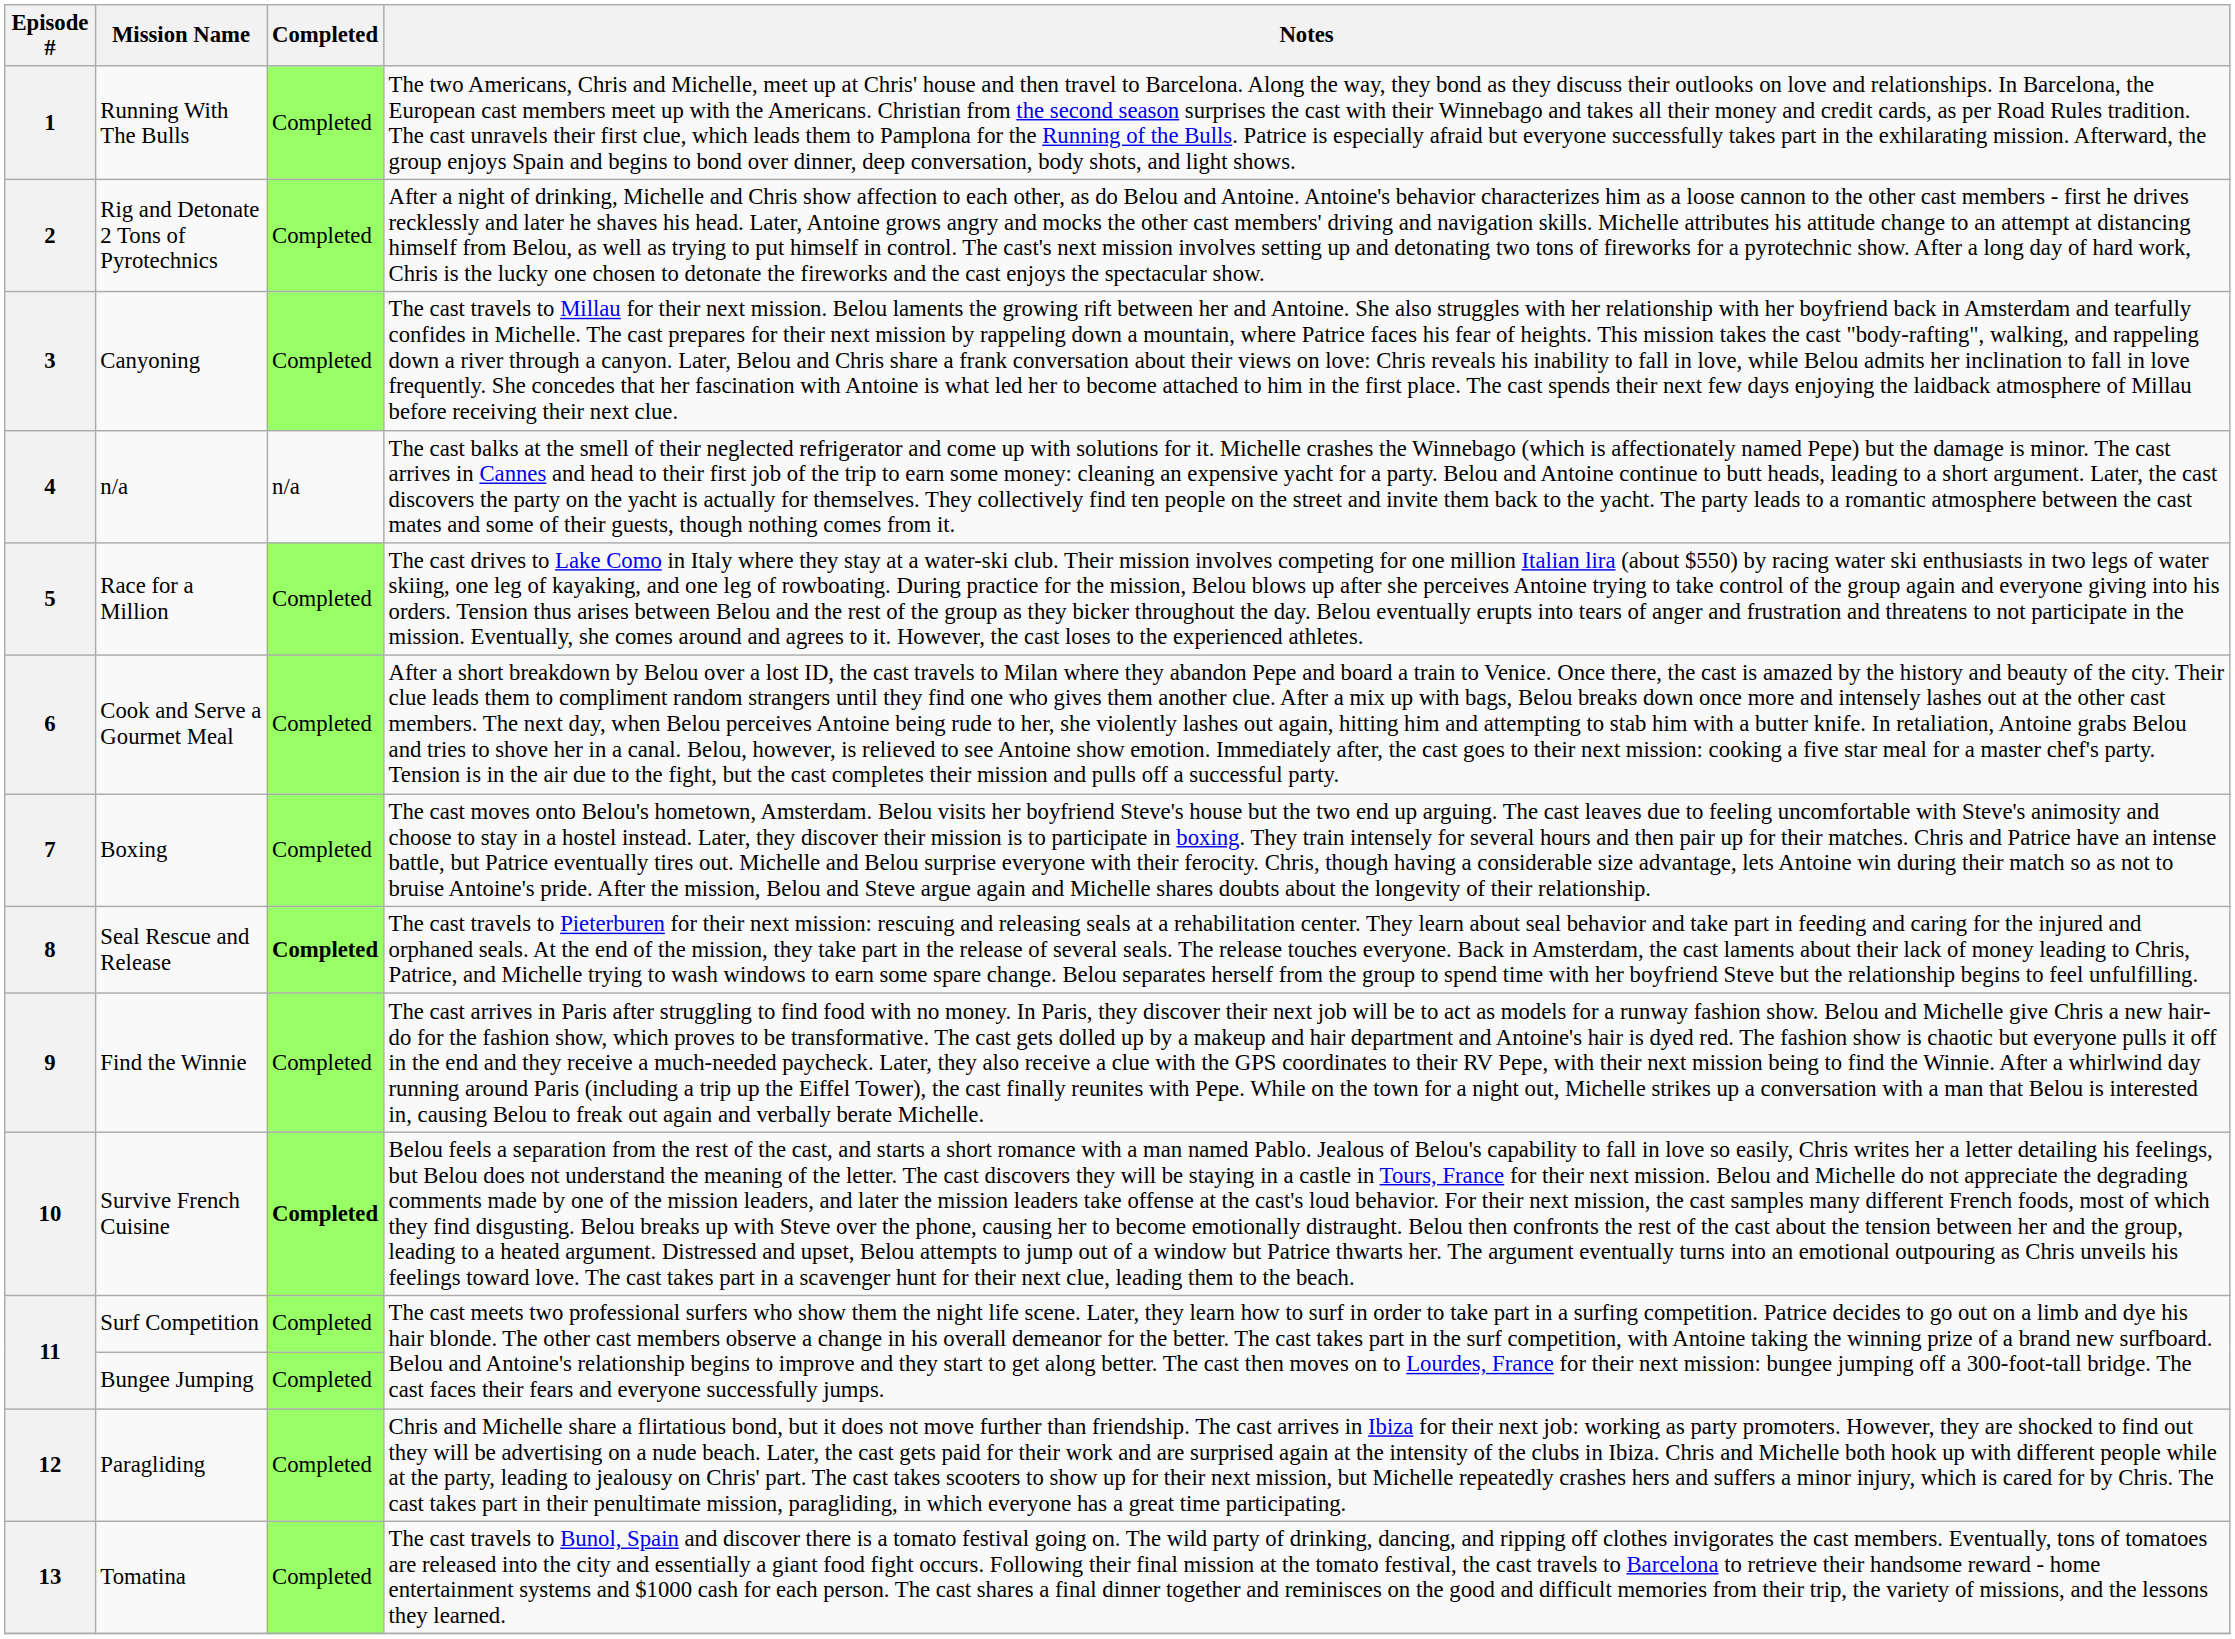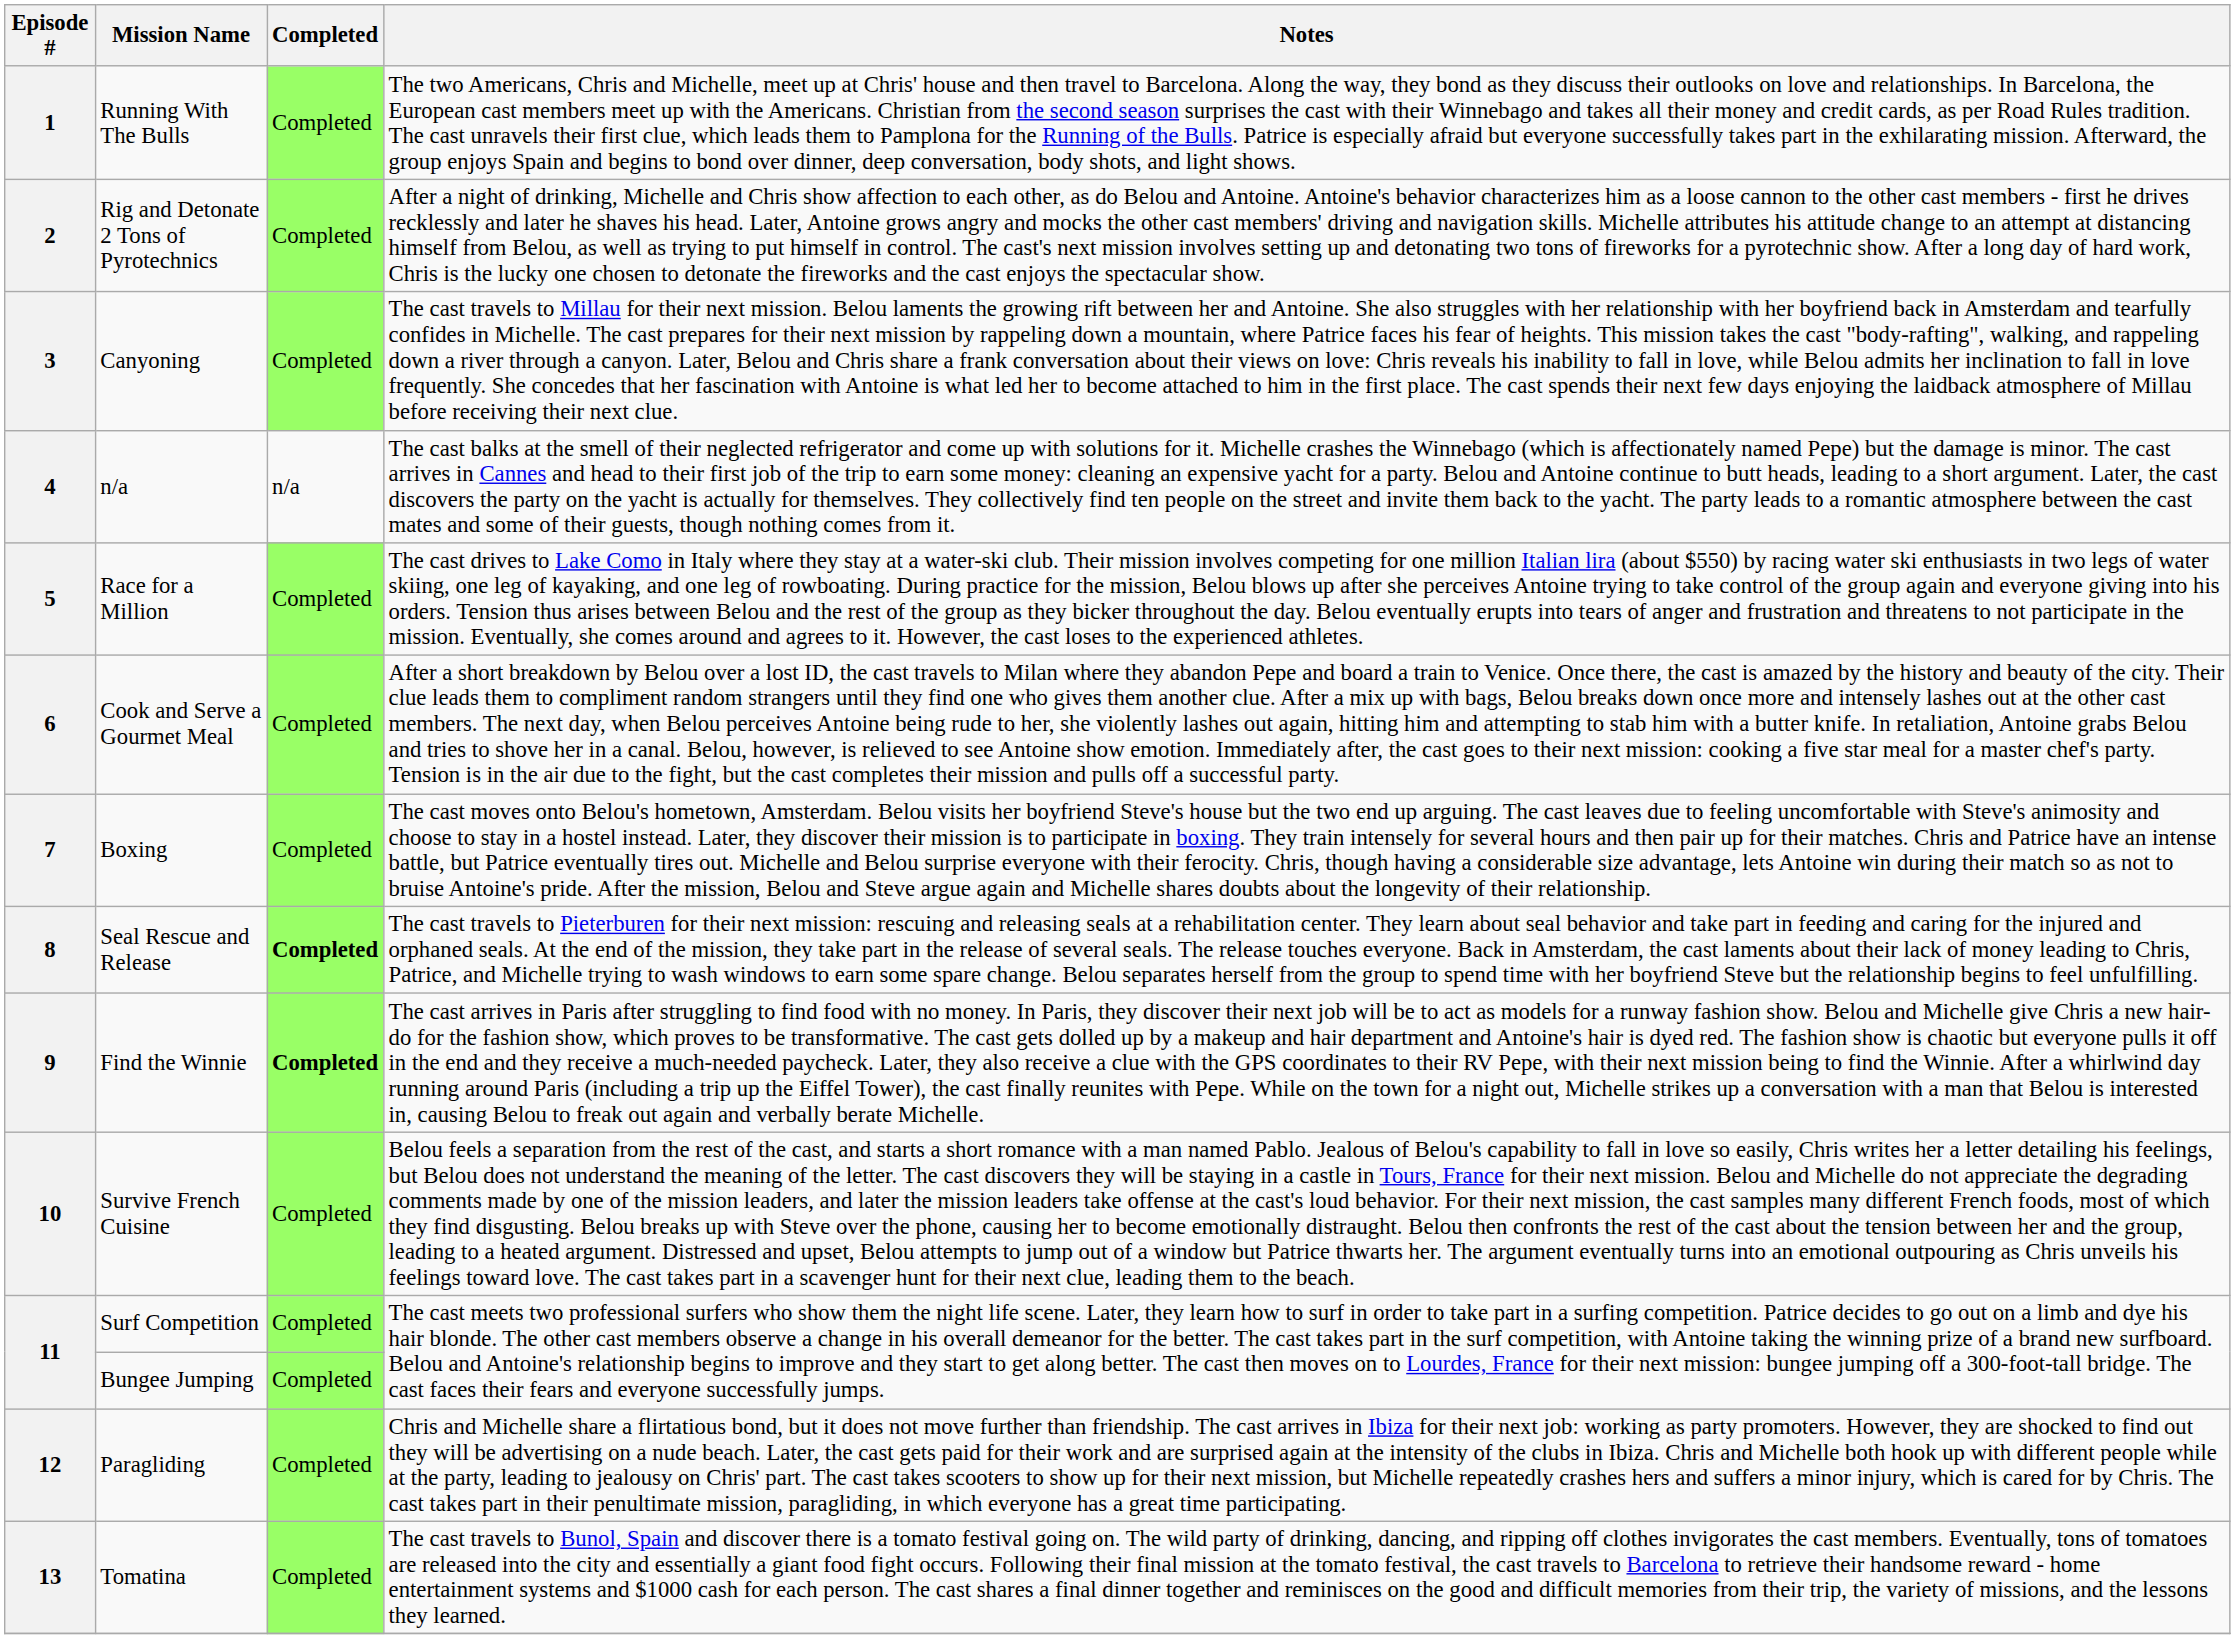 <table class="wikitable">
 <tr>
 <th>Episode #</th>
 <th>Mission Name</th>
 <th>Completed</th>
 <th>Notes</th>
 </tr>
 <tr>
 <th>1</th>
 <td>Running With The Bulls</td>
 <td bgcolor="#99FF66">Completed</td>
 <td>The two Americans, Chris and Michelle, meet up at Chris' house and then travel to Barcelona. Along the way, they bond as they discuss their outlooks on love and relationships. In Barcelona, the European cast members meet up with the Americans. Christian from <a href='#'>the second season</a> surprises the cast with their Winnebago and takes all their money and credit cards, as per Road Rules tradition. The cast unravels their first clue, which leads them to Pamplona for the <a href='#'>Running of the Bulls</a>. Patrice is especially afraid but everyone successfully takes part in the exhilarating mission. Afterward, the group enjoys Spain and begins to bond over dinner, deep conversation, body shots, and light shows.</td>
 </tr>
 <tr>
 <th>2</th>
 <td>Rig and Detonate 2 Tons of Pyrotechnics</td>
 <td bgcolor="#99FF66">Completed</td>
 <td>After a night of drinking, Michelle and Chris show affection to each other, as do Belou and Antoine. Antoine's behavior characterizes him as a loose cannon to the other cast members - first he drives recklessly and later he shaves his head. Later, Antoine grows angry and mocks the other cast members' driving and navigation skills. Michelle attributes his attitude change to an attempt at distancing himself from Belou, as well as trying to put himself in control. The cast's next mission involves setting up and detonating two tons of fireworks for a pyrotechnic show. After a long day of hard work, Chris is the lucky one chosen to detonate the fireworks and the cast enjoys the spectacular show.</td>
 </tr>
 <tr>
 <th>3</th>
 <td>Canyoning</td>
 <td bgcolor="#99FF66">Completed</td>
 <td>The cast travels to <a href='#'>Millau</a> for their next mission. Belou laments the growing rift between her and Antoine. She also struggles with her relationship with her boyfriend back in Amsterdam and tearfully confides in Michelle. The cast prepares for their next mission by rappeling down a mountain, where Patrice faces his fear of heights. This mission takes the cast "body-rafting", walking, and rappeling down a river through a canyon. Later, Belou and Chris share a frank conversation about their views on love: Chris reveals his inability to fall in love, while Belou admits her inclination to fall in love frequently. She concedes that her fascination with Antoine is what led her to become attached to him in the first place. The cast spends their next few days enjoying the laidback atmosphere of Millau before receiving their next clue.</td>
 </tr>
 <tr>
 <th>4</th>
 <td>n/a</td>
 <td>n/a</td>
 <td>The cast balks at the smell of their neglected refrigerator and come up with solutions for it. Michelle crashes the Winnebago (which is affectionately named Pepe) but the damage is minor. The cast arrives in <a href='#'>Cannes</a> and head to their first job of the trip to earn some money: cleaning an expensive yacht for a party. Belou and Antoine continue to butt heads, leading to a short argument. Later, the cast discovers the party on the yacht is actually for themselves. They collectively find ten people on the street and invite them back to the yacht. The party leads to a romantic atmosphere between the cast mates and some of their guests, though nothing comes from it.</td>
 </tr>
 <tr>
 <th>5</th>
 <td>Race for a Million</td>
 <td bgcolor="#99FF66">Completed</td>
 <td>The cast drives to <a href='#'>Lake Como</a> in Italy where they stay at a water-ski club. Their mission involves competing for one million <a href='#'>Italian lira</a> (about $550) by racing water ski enthusiasts in two legs of water skiing, one leg of kayaking, and one leg of rowboating. During practice for the mission, Belou blows up after she perceives Antoine trying to take control of the group again and everyone giving into his orders. Tension thus arises between Belou and the rest of the group as they bicker throughout the day. Belou eventually erupts into tears of anger and frustration and threatens to not participate in the mission. Eventually, she comes around and agrees to it. However, the cast loses to the experienced athletes.</td>
 </tr>
 <tr>
 <th>6</th>
 <td>Cook and Serve a Gourmet Meal</td>
 <td bgcolor="#99FF66">Completed</td>
 <td>After a short breakdown by Belou over a lost ID, the cast travels to Milan where they abandon Pepe and board a train to Venice. Once there, the cast is amazed by the history and beauty of the city. Their clue leads them to compliment random strangers until they find one who gives them another clue. After a mix up with bags, Belou breaks down once more and intensely lashes out at the other cast members. The next day, when Belou perceives Antoine being rude to her, she violently lashes out again, hitting him and attempting to stab him with a butter knife. In retaliation, Antoine grabs Belou and tries to shove her in a canal. Belou, however, is relieved to see Antoine show emotion. Immediately after, the cast goes to their next mission: cooking a five star meal for a master chef's party. Tension is in the air due to the fight, but the cast completes their mission and pulls off a successful party.</td>
 </tr>
 <tr>
 <th>7</th>
 <td>Boxing</td>
 <td bgcolor="#99FF66">Completed</td>
 <td>The cast moves onto Belou's hometown, Amsterdam. Belou visits her boyfriend Steve's house but the two end up arguing. The cast leaves due to feeling uncomfortable with Steve's animosity and choose to stay in a hostel instead. Later, they discover their mission is to participate in <a href='#'>boxing</a>. They train intensely for several hours and then pair up for their matches. Chris and Patrice have an intense battle, but Patrice eventually tires out. Michelle and Belou surprise everyone with their ferocity. Chris, though having a considerable size advantage, lets Antoine win during their match so as not to bruise Antoine's pride. After the mission, Belou and Steve argue again and Michelle shares doubts about the longevity of their relationship.</td>
 </tr>
 <tr>
 <th>8</th>
 <td>Seal Rescue and Release</td>
 <td bgcolor="#99FF66"><strong>Completed</strong></td>
 <td>The cast travels to <a href='#'>Pieterburen</a> for their next mission: rescuing and releasing seals at a rehabilitation center. They learn about seal behavior and take part in feeding and caring for the injured and orphaned seals. At the end of the mission, they take part in the release of several seals. The release touches everyone. Back in Amsterdam, the cast laments about their lack of money leading to Chris, Patrice, and Michelle trying to wash windows to earn some spare change. Belou separates herself from the group to spend time with her boyfriend Steve but the relationship begins to feel unfulfilling.</td>
 </tr>
 <tr>
 <th>9</th>
 <td>Find the Winnie</td>
-<td bgcolor="#99FF66">Completed</td>
+<td bgcolor="#99FF66"><strong>Completed</strong></td>
 <td>The cast arrives in Paris after struggling to find food with no money. In Paris, they discover their next job will be to act as models for a runway fashion show. Belou and Michelle give Chris a new hair-do for the fashion show, which proves to be transformative. The cast gets dolled up by a makeup and hair department and Antoine's hair is dyed red. The fashion show is chaotic but everyone pulls it off in the end and they receive a much-needed paycheck. Later, they also receive a clue with the GPS coordinates to their RV Pepe, with their next mission being to find the Winnie. After a whirlwind day running around Paris (including a trip up the Eiffel Tower), the cast finally reunites with Pepe. While on the town for a night out, Michelle strikes up a conversation with a man that Belou is interested in, causing Belou to freak out again and verbally berate Michelle.</td>
 </tr>
 <tr>
 <th>10</th>
 <td>Survive French Cuisine</td>
-<td bgcolor="#99FF66"><strong>Completed</strong></td>
+<td bgcolor="#99FF66">Completed</td>
 <td>Belou feels a separation from the rest of the cast, and starts a short romance with a man named Pablo. Jealous of Belou's capability to fall in love so easily, Chris writes her a letter detailing his feelings, but Belou does not understand the meaning of the letter. The cast discovers they will be staying in a castle in <a href='#'>Tours, France</a> for their next mission. Belou and Michelle do not appreciate the degrading comments made by one of the mission leaders, and later the mission leaders take offense at the cast's loud behavior. For their next mission, the cast samples many different French foods, most of which they find disgusting. Belou breaks up with Steve over the phone, causing her to become emotionally distraught. Belou then confronts the rest of the cast about the tension between her and the group, leading to a heated argument. Distressed and upset, Belou attempts to jump out of a window but Patrice thwarts her. The argument eventually turns into an emotional outpouring as Chris unveils his feelings toward love. The cast takes part in a scavenger hunt for their next clue, leading them to the beach.</td>
 </tr>
 <tr>
 <th rowspan="2">11</th>
 <td>Surf Competition</td>
 <td bgcolor="#99FF66">Completed</td>
 <td rowspan="2">The cast meets two professional surfers who show them the night life scene. Later, they learn how to surf in order to take part in a surfing competition. Patrice decides to go out on a limb and dye his hair blonde. The other cast members observe a change in his overall demeanor for the better. The cast takes part in the surf competition, with Antoine taking the winning prize of a brand new surfboard. Belou and Antoine's relationship begins to improve and they start to get along better. The cast then moves on to <a href='#'>Lourdes, France</a> for their next mission: bungee jumping off a 300-foot-tall bridge. The cast faces their fears and everyone successfully jumps.</td>
 </tr>
 <tr>
 <td>Bungee Jumping</td>
 <td bgcolor="#99FF66">Completed</td>
 </tr>
 <tr>
 <th>12</th>
 <td>Paragliding</td>
 <td bgcolor="#99FF66">Completed</td>
 <td>Chris and Michelle share a flirtatious bond, but it does not move further than friendship. The cast arrives in <a href='#'>Ibiza</a> for their next job: working as party promoters. However, they are shocked to find out they will be advertising on a nude beach. Later, the cast gets paid for their work and are surprised again at the intensity of the clubs in Ibiza. Chris and Michelle both hook up with different people while at the party, leading to jealousy on Chris' part. The cast takes scooters to show up for their next mission, but Michelle repeatedly crashes hers and suffers a minor injury, which is cared for by Chris. The cast takes part in their penultimate mission, paragliding, in which everyone has a great time participating.</td>
 </tr>
 <tr>
 <th>13</th>
 <td>Tomatina</td>
 <td bgcolor="#99FF66">Completed</td>
 <td>The cast travels to <a href='#'>Bunol, Spain</a> and discover there is a tomato festival going on. The wild party of drinking, dancing, and ripping off clothes invigorates the cast members. Eventually, tons of tomatoes are released into the city and essentially a giant food fight occurs. Following their final mission at the tomato festival, the cast travels to <a href='#'>Barcelona</a> to retrieve their handsome reward - home entertainment systems and $1000 cash for each person. The cast shares a final dinner together and reminisces on the good and difficult memories from their trip, the variety of missions, and the lessons they learned.</td>
 </tr>
 <tr>
 </tr>
 </table>
